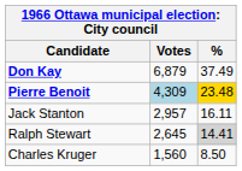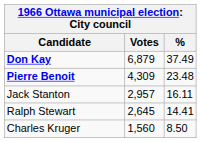 <table class="wikitable">
 <tr>
 <th colspan="3"><a href='#'>1966 Ottawa municipal election</a>: City council</th>
 </tr>
 <tr>
 <th style="width: 170px">Candidate</th>
 <th style="width: 50px">Votes</th>
 <th style="width: 40px">%</th>
 </tr>
 <tr>
 <td><strong><a href='#'>Don Kay</a></strong></td>
 <td>6,879</td>
 <td>37.49</td>
 </tr>
 <tr>
 <td><strong><a href='#'>Pierre Benoit</a></strong></td>
-<td style="background: lightblue;">4,309</td>
-<td style="background: gold;">23.48</td>
+<td>4,309</td>
+<td>23.48</td>
 </tr>
 <tr>
 <td>Jack Stanton</td>
 <td>2,957</td>
 <td>16.11</td>
 </tr>
 <tr>
 <td>Ralph Stewart</td>
 <td>2,645</td>
-<td style="background: lightgrey;">14.41</td>
+<td>14.41</td>
 </tr>
 <tr>
 <td>Charles Kruger</td>
 <td>1,560</td>
 <td>8.50</td>
 </tr>
 </table>
